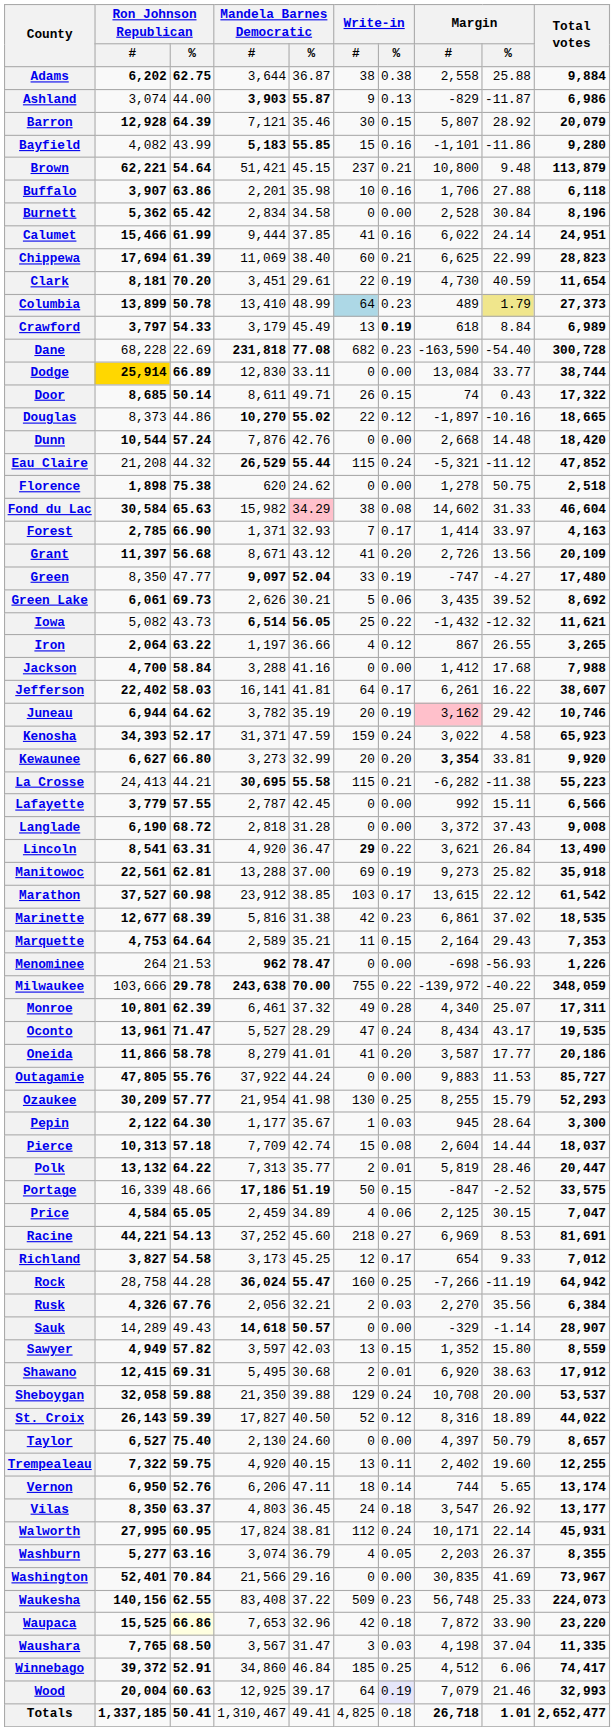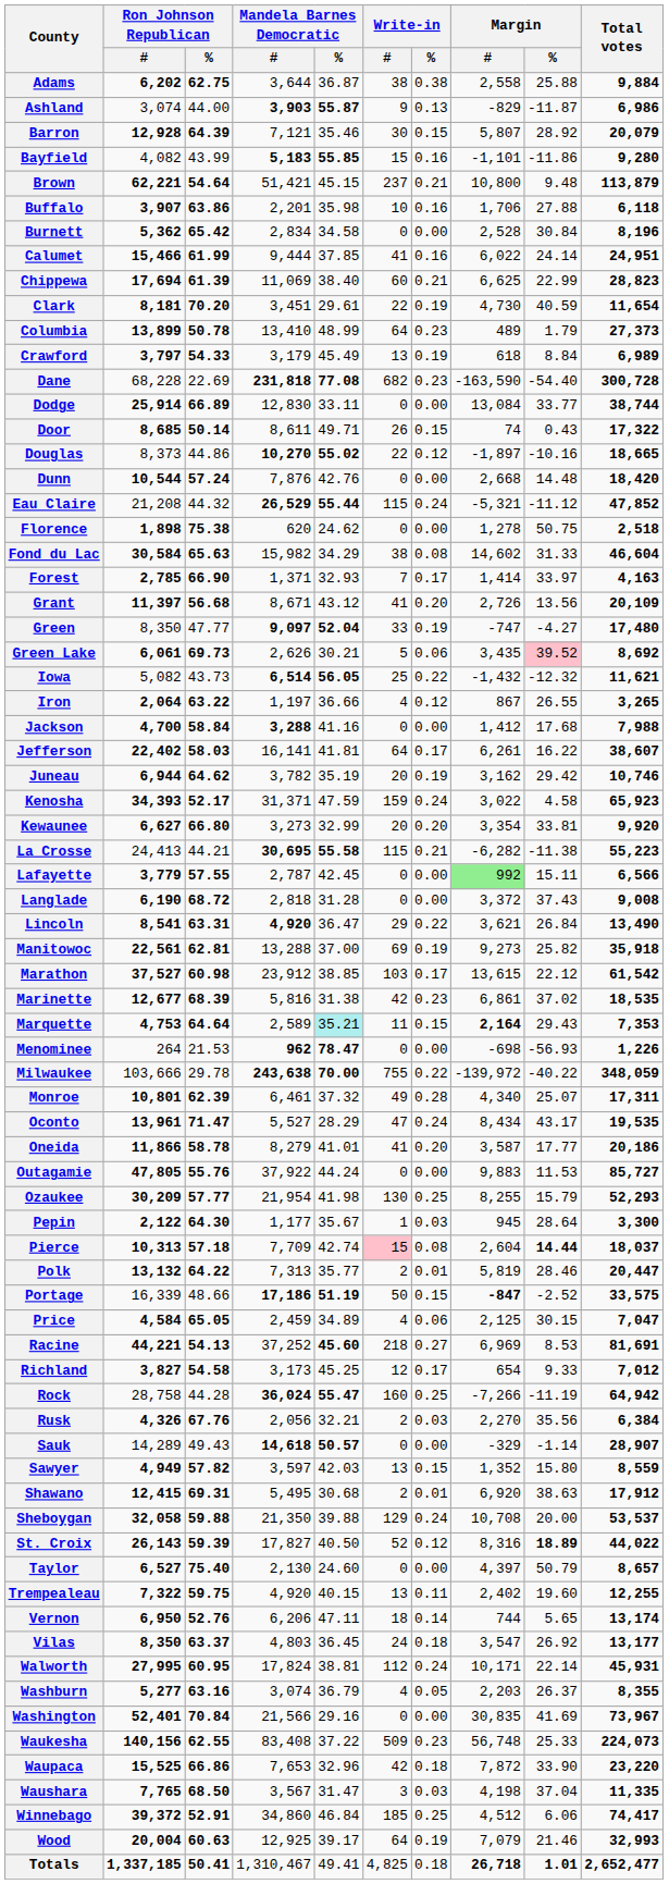 <table class="wikitable sortable" style="text-align:right;font-size:90%;line-height:1.3">
 <tr>
 <th rowspan=2>County</th>
 <th colspan=2><a href='#'>Ron Johnson</a><br><a href='#'>Republican</a></th>
 <th colspan=2><a href='#'>Mandela Barnes</a><br><a href='#'>Democratic</a></th>
 <th colspan=2><a href='#'>Write-in</a></th>
 <th colspan=2>Margin</th>
 <th rowspan=2>Total<br>votes</th>
 </tr>
 <tr>
 <th data-sort-type=number>#</th>
 <th data-sort-type=number>%</th>
 <th data-sort-type=number>#</th>
 <th data-sort-type=number>%</th>
 <th data-sort-type=number>#</th>
 <th data-sort-type=number>%</th>
 <th data-sort-type=number>#</th>
 <th data-sort-type=number>%</th>
 </tr>
 <tr>
 <th><a href='#'>Adams</a></th>
 <td><strong>6,202</strong></td>
 <td><strong>62.75</strong></td>
 <td>3,644</td>
 <td>36.87</td>
 <td>38</td>
 <td>0.38</td>
 <td>2,558</td>
 <td>25.88</td>
 <td><strong>9,884</strong></td>
 </tr>
 <tr>
 <th><a href='#'>Ashland</a></th>
 <td>3,074</td>
 <td>44.00</td>
 <td><strong>3,903</strong></td>
 <td><strong>55.87</strong></td>
 <td>9</td>
 <td>0.13</td>
 <td>-829</td>
 <td>-11.87</td>
 <td><strong>6,986</strong></td>
 </tr>
 <tr>
 <th><a href='#'>Barron</a></th>
 <td><strong>12,928</strong></td>
 <td><strong>64.39</strong></td>
 <td>7,121</td>
 <td>35.46</td>
 <td>30</td>
 <td>0.15</td>
 <td>5,807</td>
 <td>28.92</td>
 <td><strong>20,079</strong></td>
 </tr>
 <tr>
 <th><a href='#'>Bayfield</a></th>
 <td>4,082</td>
 <td>43.99</td>
 <td><strong>5,183</strong></td>
 <td><strong>55.85</strong></td>
 <td>15</td>
 <td>0.16</td>
 <td>-1,101</td>
 <td>-11.86</td>
 <td><strong>9,280</strong></td>
 </tr>
 <tr>
 <th><a href='#'>Brown</a></th>
 <td><strong>62,221</strong></td>
 <td><strong>54.64</strong></td>
 <td>51,421</td>
 <td>45.15</td>
 <td>237</td>
 <td>0.21</td>
 <td>10,800</td>
 <td>9.48</td>
 <td><strong>113,879</strong></td>
 </tr>
 <tr>
 <th><a href='#'>Buffalo</a></th>
 <td><strong>3,907</strong></td>
 <td><strong>63.86</strong></td>
 <td>2,201</td>
 <td>35.98</td>
 <td>10</td>
 <td>0.16</td>
 <td>1,706</td>
 <td>27.88</td>
 <td><strong>6,118</strong></td>
 </tr>
 <tr>
 <th><a href='#'>Burnett</a></th>
 <td><strong>5,362</strong></td>
 <td><strong>65.42</strong></td>
 <td>2,834</td>
 <td>34.58</td>
 <td>0</td>
 <td>0.00</td>
 <td>2,528</td>
 <td>30.84</td>
 <td><strong>8,196</strong></td>
 </tr>
 <tr>
 <th><a href='#'>Calumet</a></th>
 <td><strong>15,466</strong></td>
 <td><strong>61.99</strong></td>
 <td>9,444</td>
 <td>37.85</td>
 <td>41</td>
 <td>0.16</td>
 <td>6,022</td>
 <td>24.14</td>
 <td><strong>24,951</strong></td>
 </tr>
 <tr>
 <th><a href='#'>Chippewa</a></th>
 <td><strong>17,694</strong></td>
 <td><strong>61.39</strong></td>
 <td>11,069</td>
 <td>38.40</td>
 <td>60</td>
 <td>0.21</td>
 <td>6,625</td>
 <td>22.99</td>
 <td><strong>28,823</strong></td>
 </tr>
 <tr>
 <th><a href='#'>Clark</a></th>
 <td><strong>8,181</strong></td>
 <td><strong>70.20</strong></td>
 <td>3,451</td>
 <td>29.61</td>
 <td>22</td>
 <td>0.19</td>
 <td>4,730</td>
 <td>40.59</td>
 <td><strong>11,654</strong></td>
 </tr>
 <tr>
 <th><a href='#'>Columbia</a></th>
 <td><strong>13,899</strong></td>
 <td><strong>50.78</strong></td>
 <td>13,410</td>
 <td>48.99</td>
-<td style="background: lightblue;">64</td>
+<td>64</td>
 <td>0.23</td>
 <td>489</td>
-<td style="background: khaki;">1.79</td>
+<td>1.79</td>
 <td><strong>27,373</strong></td>
 </tr>
 <tr>
 <th><a href='#'>Crawford</a></th>
 <td><strong>3,797</strong></td>
 <td><strong>54.33</strong></td>
 <td>3,179</td>
 <td>45.49</td>
 <td>13</td>
-<td><strong>0.19</strong></td>
+<td>0.19</td>
 <td>618</td>
 <td>8.84</td>
 <td><strong>6,989</strong></td>
 </tr>
 <tr>
 <th><a href='#'>Dane</a></th>
 <td>68,228</td>
 <td>22.69</td>
 <td><strong>231,818</strong></td>
 <td><strong>77.08</strong></td>
 <td>682</td>
 <td>0.23</td>
 <td>-163,590</td>
 <td>-54.40</td>
 <td><strong>300,728</strong></td>
 </tr>
 <tr>
 <th><a href='#'>Dodge</a></th>
-<td style="background: gold;"><strong>25,914</strong></td>
+<td><strong>25,914</strong></td>
 <td><strong>66.89</strong></td>
 <td>12,830</td>
 <td>33.11</td>
 <td>0</td>
 <td>0.00</td>
 <td>13,084</td>
 <td>33.77</td>
 <td><strong>38,744</strong></td>
 </tr>
 <tr>
 <th><a href='#'>Door</a></th>
 <td><strong>8,685</strong></td>
 <td><strong>50.14</strong></td>
 <td>8,611</td>
 <td>49.71</td>
 <td>26</td>
 <td>0.15</td>
 <td>74</td>
 <td>0.43</td>
 <td><strong>17,322</strong></td>
 </tr>
 <tr>
 <th><a href='#'>Douglas</a></th>
 <td>8,373</td>
 <td>44.86</td>
 <td><strong>10,270</strong></td>
 <td><strong>55.02</strong></td>
 <td>22</td>
 <td>0.12</td>
 <td>-1,897</td>
 <td>-10.16</td>
 <td><strong>18,665</strong></td>
 </tr>
 <tr>
 <th><a href='#'>Dunn</a></th>
 <td><strong>10,544</strong></td>
 <td><strong>57.24</strong></td>
 <td>7,876</td>
 <td>42.76</td>
 <td>0</td>
 <td>0.00</td>
 <td>2,668</td>
 <td>14.48</td>
 <td><strong>18,420</strong></td>
 </tr>
 <tr>
 <th><a href='#'>Eau Claire</a></th>
 <td>21,208</td>
 <td>44.32</td>
 <td><strong>26,529</strong></td>
 <td><strong>55.44</strong></td>
 <td>115</td>
 <td>0.24</td>
 <td>-5,321</td>
 <td>-11.12</td>
 <td><strong>47,852</strong></td>
 </tr>
 <tr>
 <th><a href='#'>Florence</a></th>
 <td><strong>1,898</strong></td>
 <td><strong>75.38</strong></td>
 <td>620</td>
 <td>24.62</td>
 <td>0</td>
 <td>0.00</td>
 <td>1,278</td>
 <td>50.75</td>
 <td><strong>2,518</strong></td>
 </tr>
 <tr>
 <th><a href='#'>Fond du Lac</a></th>
 <td><strong>30,584</strong></td>
 <td><strong>65.63</strong></td>
 <td>15,982</td>
-<td style="background: pink;">34.29</td>
+<td>34.29</td>
 <td>38</td>
 <td>0.08</td>
 <td>14,602</td>
 <td>31.33</td>
 <td><strong>46,604</strong></td>
 </tr>
 <tr>
 <th><a href='#'>Forest</a></th>
 <td><strong>2,785</strong></td>
 <td><strong>66.90</strong></td>
 <td>1,371</td>
 <td>32.93</td>
 <td>7</td>
 <td>0.17</td>
 <td>1,414</td>
 <td>33.97</td>
 <td><strong>4,163</strong></td>
 </tr>
 <tr>
 <th><a href='#'>Grant</a></th>
 <td><strong>11,397</strong></td>
 <td><strong>56.68</strong></td>
 <td>8,671</td>
 <td>43.12</td>
 <td>41</td>
 <td>0.20</td>
 <td>2,726</td>
 <td>13.56</td>
 <td><strong>20,109</strong></td>
 </tr>
 <tr>
 <th><a href='#'>Green</a></th>
 <td>8,350</td>
 <td>47.77</td>
 <td><strong>9,097</strong></td>
 <td><strong>52.04</strong></td>
 <td>33</td>
 <td>0.19</td>
 <td>-747</td>
 <td>-4.27</td>
 <td><strong>17,480</strong></td>
 </tr>
 <tr>
 <th><a href='#'>Green Lake</a></th>
 <td><strong>6,061</strong></td>
 <td><strong>69.73</strong></td>
 <td>2,626</td>
 <td>30.21</td>
 <td>5</td>
 <td>0.06</td>
 <td>3,435</td>
-<td>39.52</td>
+<td style="background: pink;">39.52</td>
 <td><strong>8,692</strong></td>
 </tr>
 <tr>
 <th><a href='#'>Iowa</a></th>
 <td>5,082</td>
 <td>43.73</td>
 <td><strong>6,514</strong></td>
 <td><strong>56.05</strong></td>
 <td>25</td>
 <td>0.22</td>
 <td>-1,432</td>
 <td>-12.32</td>
 <td><strong>11,621</strong></td>
 </tr>
 <tr>
 <th><a href='#'>Iron</a></th>
 <td><strong>2,064</strong></td>
 <td><strong>63.22</strong></td>
 <td>1,197</td>
 <td>36.66</td>
 <td>4</td>
 <td>0.12</td>
 <td>867</td>
 <td>26.55</td>
 <td><strong>3,265</strong></td>
 </tr>
 <tr>
 <th><a href='#'>Jackson</a></th>
 <td><strong>4,700</strong></td>
 <td><strong>58.84</strong></td>
-<td>3,288</td>
+<td><strong>3,288</strong></td>
 <td>41.16</td>
 <td>0</td>
 <td>0.00</td>
 <td>1,412</td>
 <td>17.68</td>
 <td><strong>7,988</strong></td>
 </tr>
 <tr>
 <th><a href='#'>Jefferson</a></th>
 <td><strong>22,402</strong></td>
 <td><strong>58.03</strong></td>
 <td>16,141</td>
 <td>41.81</td>
 <td>64</td>
 <td>0.17</td>
 <td>6,261</td>
 <td>16.22</td>
 <td><strong>38,607</strong></td>
 </tr>
 <tr>
 <th><a href='#'>Juneau</a></th>
 <td><strong>6,944</strong></td>
 <td><strong>64.62</strong></td>
 <td>3,782</td>
 <td>35.19</td>
 <td>20</td>
 <td>0.19</td>
-<td style="background: pink;">3,162</td>
+<td>3,162</td>
 <td>29.42</td>
 <td><strong>10,746</strong></td>
 </tr>
 <tr>
 <th><a href='#'>Kenosha</a></th>
 <td><strong>34,393</strong></td>
 <td><strong>52.17</strong></td>
 <td>31,371</td>
 <td>47.59</td>
 <td>159</td>
 <td>0.24</td>
 <td>3,022</td>
 <td>4.58</td>
 <td><strong>65,923</strong></td>
 </tr>
 <tr>
 <th><a href='#'>Kewaunee</a></th>
 <td><strong>6,627</strong></td>
 <td><strong>66.80</strong></td>
 <td>3,273</td>
 <td>32.99</td>
 <td>20</td>
 <td>0.20</td>
-<td><strong>3,354</strong></td>
+<td>3,354</td>
 <td>33.81</td>
 <td><strong>9,920</strong></td>
 </tr>
 <tr>
 <th><a href='#'>La Crosse</a></th>
 <td>24,413</td>
 <td>44.21</td>
 <td><strong>30,695</strong></td>
 <td><strong>55.58</strong></td>
 <td>115</td>
 <td>0.21</td>
 <td>-6,282</td>
 <td>-11.38</td>
 <td><strong>55,223</strong></td>
 </tr>
 <tr>
 <th><a href='#'>Lafayette</a></th>
 <td><strong>3,779</strong></td>
 <td><strong>57.55</strong></td>
 <td>2,787</td>
 <td>42.45</td>
 <td>0</td>
 <td>0.00</td>
-<td>992</td>
+<td style="background: lightgreen;">992</td>
 <td>15.11</td>
 <td><strong>6,566</strong></td>
 </tr>
 <tr>
 <th><a href='#'>Langlade</a></th>
 <td><strong>6,190</strong></td>
 <td><strong>68.72</strong></td>
 <td>2,818</td>
 <td>31.28</td>
 <td>0</td>
 <td>0.00</td>
 <td>3,372</td>
 <td>37.43</td>
 <td><strong>9,008</strong></td>
 </tr>
 <tr>
 <th><a href='#'>Lincoln</a></th>
 <td><strong>8,541</strong></td>
 <td><strong>63.31</strong></td>
-<td>4,920</td>
+<td><strong>4,920</strong></td>
 <td>36.47</td>
-<td><strong>29</strong></td>
+<td>29</td>
 <td>0.22</td>
 <td>3,621</td>
 <td>26.84</td>
 <td><strong>13,490</strong></td>
 </tr>
 <tr>
 <th><a href='#'>Manitowoc</a></th>
 <td><strong>22,561</strong></td>
 <td><strong>62.81</strong></td>
 <td>13,288</td>
 <td>37.00</td>
 <td>69</td>
 <td>0.19</td>
 <td>9,273</td>
 <td>25.82</td>
 <td><strong>35,918</strong></td>
 </tr>
 <tr>
 <th><a href='#'>Marathon</a></th>
 <td><strong>37,527</strong></td>
 <td><strong>60.98</strong></td>
 <td>23,912</td>
 <td>38.85</td>
 <td>103</td>
 <td>0.17</td>
 <td>13,615</td>
 <td>22.12</td>
 <td><strong>61,542</strong></td>
 </tr>
 <tr>
 <th><a href='#'>Marinette</a></th>
 <td><strong>12,677</strong></td>
 <td><strong>68.39</strong></td>
 <td>5,816</td>
 <td>31.38</td>
 <td>42</td>
 <td>0.23</td>
 <td>6,861</td>
 <td>37.02</td>
 <td><strong>18,535</strong></td>
 </tr>
 <tr>
 <th><a href='#'>Marquette</a></th>
 <td><strong>4,753</strong></td>
 <td><strong>64.64</strong></td>
 <td>2,589</td>
-<td>35.21</td>
+<td style="background: paleturquoise;">35.21</td>
 <td>11</td>
 <td>0.15</td>
-<td>2,164</td>
+<td><strong>2,164</strong></td>
 <td>29.43</td>
 <td><strong>7,353</strong></td>
 </tr>
 <tr>
 <th><a href='#'>Menominee</a></th>
 <td>264</td>
 <td>21.53</td>
 <td><strong>962</strong></td>
 <td><strong>78.47</strong></td>
 <td>0</td>
 <td>0.00</td>
 <td>-698</td>
 <td>-56.93</td>
 <td><strong>1,226</strong></td>
 </tr>
 <tr>
 <th><a href='#'>Milwaukee</a></th>
 <td>103,666</td>
-<td><strong>29.78</strong></td>
+<td>29.78</td>
 <td><strong>243,638</strong></td>
 <td><strong>70.00</strong></td>
 <td>755</td>
 <td>0.22</td>
 <td>-139,972</td>
 <td>-40.22</td>
 <td><strong>348,059</strong></td>
 </tr>
 <tr>
 <th><a href='#'>Monroe</a></th>
 <td><strong>10,801</strong></td>
 <td><strong>62.39</strong></td>
 <td>6,461</td>
 <td>37.32</td>
 <td>49</td>
 <td>0.28</td>
 <td>4,340</td>
 <td>25.07</td>
 <td><strong>17,311</strong></td>
 </tr>
 <tr>
 <th><a href='#'>Oconto</a></th>
 <td><strong>13,961</strong></td>
 <td><strong>71.47</strong></td>
 <td>5,527</td>
 <td>28.29</td>
 <td>47</td>
 <td>0.24</td>
 <td>8,434</td>
 <td>43.17</td>
 <td><strong>19,535</strong></td>
 </tr>
 <tr>
 <th><a href='#'>Oneida</a></th>
 <td><strong>11,866</strong></td>
 <td><strong>58.78</strong></td>
 <td>8,279</td>
 <td>41.01</td>
 <td>41</td>
 <td>0.20</td>
 <td>3,587</td>
 <td>17.77</td>
 <td><strong>20,186</strong></td>
 </tr>
 <tr>
 <th><a href='#'>Outagamie</a></th>
 <td><strong>47,805</strong></td>
 <td><strong>55.76</strong></td>
 <td>37,922</td>
 <td>44.24</td>
 <td>0</td>
 <td>0.00</td>
 <td>9,883</td>
 <td>11.53</td>
 <td><strong>85,727</strong></td>
 </tr>
 <tr>
 <th><a href='#'>Ozaukee</a></th>
 <td><strong>30,209</strong></td>
 <td><strong>57.77</strong></td>
 <td>21,954</td>
 <td>41.98</td>
 <td>130</td>
 <td>0.25</td>
 <td>8,255</td>
 <td>15.79</td>
 <td><strong>52,293</strong></td>
 </tr>
 <tr>
 <th><a href='#'>Pepin</a></th>
 <td><strong>2,122</strong></td>
 <td><strong>64.30</strong></td>
 <td>1,177</td>
 <td>35.67</td>
 <td>1</td>
 <td>0.03</td>
 <td>945</td>
 <td>28.64</td>
 <td><strong>3,300</strong></td>
 </tr>
 <tr>
 <th><a href='#'>Pierce</a></th>
 <td><strong>10,313</strong></td>
 <td><strong>57.18</strong></td>
 <td>7,709</td>
 <td>42.74</td>
-<td>15</td>
+<td style="background: pink;">15</td>
 <td>0.08</td>
 <td>2,604</td>
-<td>14.44</td>
+<td><strong>14.44</strong></td>
 <td><strong>18,037</strong></td>
 </tr>
 <tr>
 <th><a href='#'>Polk</a></th>
 <td><strong>13,132</strong></td>
 <td><strong>64.22</strong></td>
 <td>7,313</td>
 <td>35.77</td>
 <td>2</td>
 <td>0.01</td>
 <td>5,819</td>
 <td>28.46</td>
 <td><strong>20,447</strong></td>
 </tr>
 <tr>
 <th><a href='#'>Portage</a></th>
 <td>16,339</td>
 <td>48.66</td>
 <td><strong>17,186</strong></td>
 <td><strong>51.19</strong></td>
 <td>50</td>
 <td>0.15</td>
-<td>-847</td>
+<td><strong>-847</strong></td>
 <td>-2.52</td>
 <td><strong>33,575</strong></td>
 </tr>
 <tr>
 <th><a href='#'>Price</a></th>
 <td><strong>4,584</strong></td>
 <td><strong>65.05</strong></td>
 <td>2,459</td>
 <td>34.89</td>
 <td>4</td>
 <td>0.06</td>
 <td>2,125</td>
 <td>30.15</td>
 <td><strong>7,047</strong></td>
 </tr>
 <tr>
 <th><a href='#'>Racine</a></th>
 <td><strong>44,221</strong></td>
 <td><strong>54.13</strong></td>
 <td>37,252</td>
-<td>45.60</td>
+<td><strong>45.60</strong></td>
 <td>218</td>
 <td>0.27</td>
 <td>6,969</td>
 <td>8.53</td>
 <td><strong>81,691</strong></td>
 </tr>
 <tr>
 <th><a href='#'>Richland</a></th>
 <td><strong>3,827</strong></td>
 <td><strong>54.58</strong></td>
 <td>3,173</td>
 <td>45.25</td>
 <td>12</td>
 <td>0.17</td>
 <td>654</td>
 <td>9.33</td>
 <td><strong>7,012</strong></td>
 </tr>
 <tr>
 <th><a href='#'>Rock</a></th>
 <td>28,758</td>
 <td>44.28</td>
 <td><strong>36,024</strong></td>
 <td><strong>55.47</strong></td>
 <td>160</td>
 <td>0.25</td>
 <td>-7,266</td>
 <td>-11.19</td>
 <td><strong>64,942</strong></td>
 </tr>
 <tr>
 <th><a href='#'>Rusk</a></th>
 <td><strong>4,326</strong></td>
 <td><strong>67.76</strong></td>
 <td>2,056</td>
 <td>32.21</td>
 <td>2</td>
 <td>0.03</td>
 <td>2,270</td>
 <td>35.56</td>
 <td><strong>6,384</strong></td>
 </tr>
 <tr>
 <th><a href='#'>Sauk</a></th>
 <td>14,289</td>
 <td>49.43</td>
 <td><strong>14,618</strong></td>
 <td><strong>50.57</strong></td>
 <td>0</td>
 <td>0.00</td>
 <td>-329</td>
 <td>-1.14</td>
 <td><strong>28,907</strong></td>
 </tr>
 <tr>
 <th><a href='#'>Sawyer</a></th>
 <td><strong>4,949</strong></td>
 <td><strong>57.82</strong></td>
 <td>3,597</td>
 <td>42.03</td>
 <td>13</td>
 <td>0.15</td>
 <td>1,352</td>
 <td>15.80</td>
 <td><strong>8,559</strong></td>
 </tr>
 <tr>
 <th><a href='#'>Shawano</a></th>
 <td><strong>12,415</strong></td>
 <td><strong>69.31</strong></td>
 <td>5,495</td>
 <td>30.68</td>
 <td>2</td>
 <td>0.01</td>
 <td>6,920</td>
 <td>38.63</td>
 <td><strong>17,912</strong></td>
 </tr>
 <tr>
 <th><a href='#'>Sheboygan</a></th>
 <td><strong>32,058</strong></td>
 <td><strong>59.88</strong></td>
 <td>21,350</td>
 <td>39.88</td>
 <td>129</td>
 <td>0.24</td>
 <td>10,708</td>
 <td>20.00</td>
 <td><strong>53,537</strong></td>
 </tr>
 <tr>
 <th><a href='#'>St. Croix</a></th>
 <td><strong>26,143</strong></td>
 <td><strong>59.39</strong></td>
 <td>17,827</td>
 <td>40.50</td>
 <td>52</td>
 <td>0.12</td>
 <td>8,316</td>
-<td>18.89</td>
+<td><strong>18.89</strong></td>
 <td><strong>44,022</strong></td>
 </tr>
 <tr>
 <th><a href='#'>Taylor</a></th>
 <td><strong>6,527</strong></td>
 <td><strong>75.40</strong></td>
 <td>2,130</td>
 <td>24.60</td>
 <td>0</td>
 <td>0.00</td>
 <td>4,397</td>
 <td>50.79</td>
 <td><strong>8,657</strong></td>
 </tr>
 <tr>
 <th><a href='#'>Trempealeau</a></th>
 <td><strong>7,322</strong></td>
 <td><strong>59.75</strong></td>
 <td>4,920</td>
 <td>40.15</td>
 <td>13</td>
 <td>0.11</td>
 <td>2,402</td>
 <td>19.60</td>
 <td><strong>12,255</strong></td>
 </tr>
 <tr>
 <th><a href='#'>Vernon</a></th>
 <td><strong>6,950</strong></td>
 <td><strong>52.76</strong></td>
 <td>6,206</td>
 <td>47.11</td>
 <td>18</td>
 <td>0.14</td>
 <td>744</td>
 <td>5.65</td>
 <td><strong>13,174</strong></td>
 </tr>
 <tr>
 <th><a href='#'>Vilas</a></th>
 <td><strong>8,350</strong></td>
 <td><strong>63.37</strong></td>
 <td>4,803</td>
 <td>36.45</td>
 <td>24</td>
 <td>0.18</td>
 <td>3,547</td>
 <td>26.92</td>
 <td><strong>13,177</strong></td>
 </tr>
 <tr>
 <th><a href='#'>Walworth</a></th>
 <td><strong>27,995</strong></td>
 <td><strong>60.95</strong></td>
 <td>17,824</td>
 <td>38.81</td>
 <td>112</td>
 <td>0.24</td>
 <td>10,171</td>
 <td>22.14</td>
 <td><strong>45,931</strong></td>
 </tr>
 <tr>
 <th><a href='#'>Washburn</a></th>
 <td><strong>5,277</strong></td>
 <td><strong>63.16</strong></td>
 <td>3,074</td>
 <td>36.79</td>
 <td>4</td>
 <td>0.05</td>
 <td>2,203</td>
 <td>26.37</td>
 <td><strong>8,355</strong></td>
 </tr>
 <tr>
 <th><a href='#'>Washington</a></th>
 <td><strong>52,401</strong></td>
 <td><strong>70.84</strong></td>
 <td>21,566</td>
 <td>29.16</td>
 <td>0</td>
 <td>0.00</td>
 <td>30,835</td>
 <td>41.69</td>
 <td><strong>73,967</strong></td>
 </tr>
 <tr>
 <th><a href='#'>Waukesha</a></th>
 <td><strong>140,156</strong></td>
 <td><strong>62.55</strong></td>
 <td>83,408</td>
 <td>37.22</td>
 <td>509</td>
 <td>0.23</td>
 <td>56,748</td>
 <td>25.33</td>
 <td><strong>224,073</strong></td>
 </tr>
 <tr>
 <th><a href='#'>Waupaca</a></th>
 <td><strong>15,525</strong></td>
-<td style="background: lightyellow;"><strong>66.86</strong></td>
+<td><strong>66.86</strong></td>
 <td>7,653</td>
 <td>32.96</td>
 <td>42</td>
 <td>0.18</td>
 <td>7,872</td>
 <td>33.90</td>
 <td><strong>23,220</strong></td>
 </tr>
 <tr>
 <th><a href='#'>Waushara</a></th>
 <td><strong>7,765</strong></td>
 <td><strong>68.50</strong></td>
 <td>3,567</td>
 <td>31.47</td>
 <td>3</td>
 <td>0.03</td>
 <td>4,198</td>
 <td>37.04</td>
 <td><strong>11,335</strong></td>
 </tr>
 <tr>
 <th><a href='#'>Winnebago</a></th>
 <td><strong>39,372</strong></td>
 <td><strong>52.91</strong></td>
 <td>34,860</td>
 <td>46.84</td>
 <td>185</td>
 <td>0.25</td>
 <td>4,512</td>
 <td>6.06</td>
 <td><strong>74,417</strong></td>
 </tr>
 <tr>
 <th><a href='#'>Wood</a></th>
 <td><strong>20,004</strong></td>
 <td><strong>60.63</strong></td>
 <td>12,925</td>
 <td>39.17</td>
 <td>64</td>
-<td style="background: lavender;">0.19</td>
+<td>0.19</td>
 <td>7,079</td>
 <td>21.46</td>
 <td><strong>32,993</strong></td>
 </tr>
 <tr class="sortbottom">
 <th>Totals</th>
 <td><strong>1,337,185</strong></td>
 <td><strong>50.41</strong></td>
 <td>1,310,467</td>
 <td>49.41</td>
 <td>4,825</td>
 <td>0.18</td>
 <td><strong>26,718</strong></td>
 <td><strong>1.01</strong></td>
 <td><strong>2,652,477</strong></td>
 </tr>
 </table>
